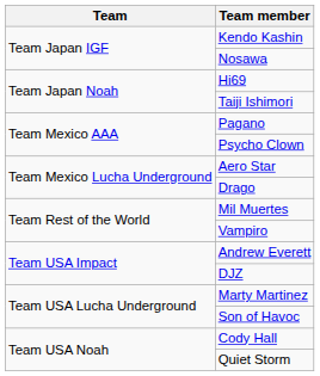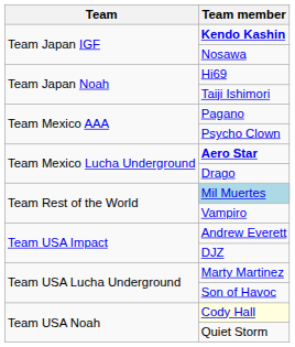 <table class="wikitable sortable">
 <tr>
 <th>Team</th>
 <th>Team member</th>
 </tr>
 <tr>
 <td rowspan=2>Team Japan <a href='#'>IGF</a></td>
-<td><a href='#'>Kendo Kashin</a></td>
+<td><strong><a href='#'>Kendo Kashin</a></strong></td>
 </tr>
 <tr>
 <td><a href='#'>Nosawa</a></td>
 </tr>
 <tr>
 <td rowspan=2>Team Japan <a href='#'>Noah</a></td>
 <td><a href='#'>Hi69</a></td>
 </tr>
 <tr>
 <td><a href='#'>Taiji Ishimori</a></td>
 </tr>
 <tr>
 <td rowspan=2>Team Mexico <a href='#'>AAA</a></td>
 <td><a href='#'>Pagano</a></td>
 </tr>
 <tr>
 <td><a href='#'>Psycho Clown</a></td>
 </tr>
 <tr>
 <td rowspan=2>Team Mexico <a href='#'>Lucha Underground</a></td>
-<td><a href='#'>Aero Star</a></td>
+<td><strong><a href='#'>Aero Star</a></strong></td>
 </tr>
 <tr>
 <td><a href='#'>Drago</a></td>
 </tr>
 <tr>
 <td rowspan=2>Team Rest of the World</td>
-<td><a href='#'>Mil Muertes</a></td>
+<td style="background: lightblue;"><a href='#'>Mil Muertes</a></td>
 </tr>
 <tr>
 <td><a href='#'>Vampiro</a></td>
 </tr>
 <tr>
 <td rowspan=2><a href='#'>Team USA Impact</a></td>
 <td><a href='#'>Andrew Everett</a></td>
 </tr>
 <tr>
 <td><a href='#'>DJZ</a></td>
 </tr>
 <tr>
 <td rowspan=2>Team USA Lucha Underground</td>
 <td><a href='#'>Marty Martinez</a></td>
 </tr>
 <tr>
 <td><a href='#'>Son of Havoc</a></td>
 </tr>
 <tr>
 <td rowspan=2>Team USA Noah</td>
-<td><a href='#'>Cody Hall</a></td>
+<td style="background: lightyellow;"><a href='#'>Cody Hall</a></td>
 </tr>
 <tr>
 <td>Quiet Storm</td>
 </tr>
 </table>
